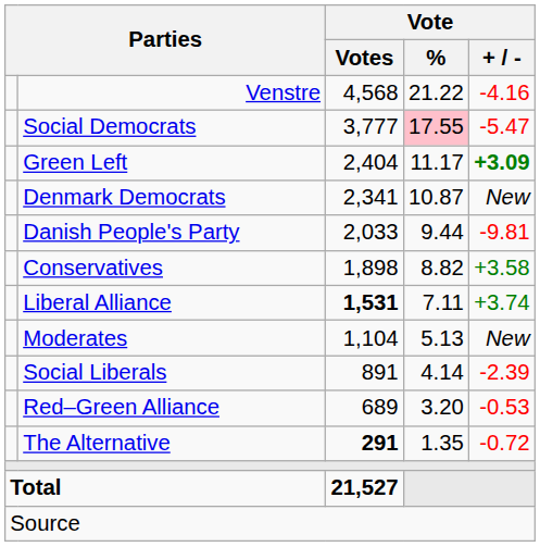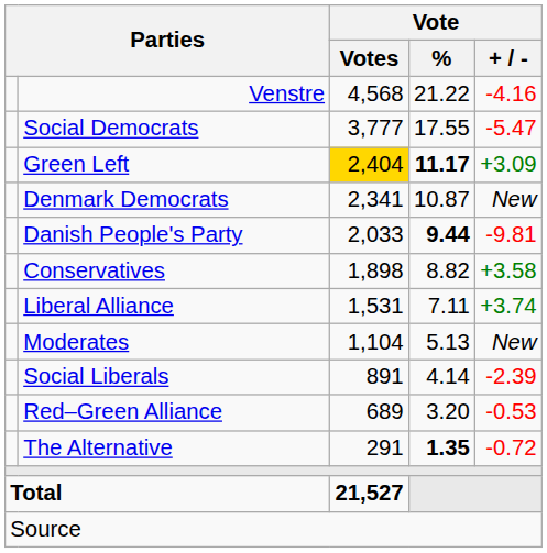 <table class="wikitable" style="text-align:right;">
 <tr>
 <th style="text-align:centre;" rowspan="2" colspan="2" width="225">Parties</th>
 <th colspan="3">Vote</th>
 </tr>
 <tr>
 <th width="15">Votes</th>
 <th width="15">%</th>
 <th width="15">+ / -</th>
 </tr>
 <tr>
 <td width=2 bgcolor=></td>
 <td><a href='#'>Venstre</a></td>
 <td>4,568</td>
 <td>21.22</td>
 <td style=color:red;>-4.16</td>
 </tr>
 <tr>
 <td width=2 bgcolor=></td>
 <td align=left><a href='#'>Social Democrats</a></td>
 <td>3,777</td>
-<td style="background: pink;">17.55</td>
+<td>17.55</td>
 <td style=color:red;>-5.47</td>
 </tr>
 <tr>
 <td width=2 bgcolor=></td>
 <td align=left><a href='#'>Green Left</a></td>
-<td>2,404</td>
-<td>11.17</td>
-<td style=color:green;><strong>+3.09</strong></td>
+<td style="background: gold;">2,404</td>
+<td><strong>11.17</strong></td>
+<td style=color:green;>+3.09</td>
 </tr>
 <tr>
 <td width=2 bgcolor=></td>
 <td align=left><a href='#'>Denmark Democrats</a></td>
 <td>2,341</td>
 <td>10.87</td>
 <td><em>New</em></td>
 </tr>
 <tr>
 <td width=2 bgcolor=></td>
 <td align=left><a href='#'>Danish People's Party</a></td>
 <td>2,033</td>
-<td>9.44</td>
+<td><strong>9.44</strong></td>
 <td style=color:red;>-9.81</td>
 </tr>
 <tr>
 <td width=2 bgcolor=></td>
 <td align=left><a href='#'>Conservatives</a></td>
 <td>1,898</td>
 <td>8.82</td>
 <td style=color:green;>+3.58</td>
 </tr>
 <tr>
 <td width=2 bgcolor=></td>
 <td align=left><a href='#'>Liberal Alliance</a></td>
-<td><strong>1,531</strong></td>
+<td>1,531</td>
 <td>7.11</td>
 <td style=color:green;>+3.74</td>
 </tr>
 <tr>
 <td width=2 bgcolor=></td>
 <td align=left><a href='#'>Moderates</a></td>
 <td>1,104</td>
 <td>5.13</td>
 <td><em>New</em></td>
 </tr>
 <tr>
 <td width=2 bgcolor=></td>
 <td align=left><a href='#'>Social Liberals</a></td>
 <td>891</td>
 <td>4.14</td>
 <td style=color:red;>-2.39</td>
 </tr>
 <tr>
 <td width=2 bgcolor=></td>
 <td align=left><a href='#'>Red–Green Alliance</a></td>
 <td>689</td>
 <td>3.20</td>
 <td style=color:red;>-0.53</td>
 </tr>
 <tr>
 <td width=2 bgcolor=></td>
 <td align=left><a href='#'>The Alternative</a></td>
-<td><strong>291</strong></td>
-<td>1.35</td>
+<td>291</td>
+<td><strong>1.35</strong></td>
 <td style=color:red;>-0.72</td>
 </tr>
 <tr>
 <td colspan="7" bgcolor="#E9E9E9"></td>
 </tr>
 <tr>
 <td align="left" colspan="2"><strong>Total</strong></td>
 <td><strong>21,527</strong></td>
 <td bgcolor=#E9E9E9 colspan=2></td>
 </tr>
 <tr>
 <td align="left" colspan="6">Source</td>
 </tr>
 </table>
